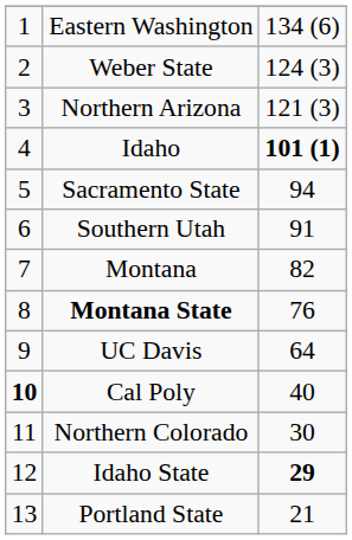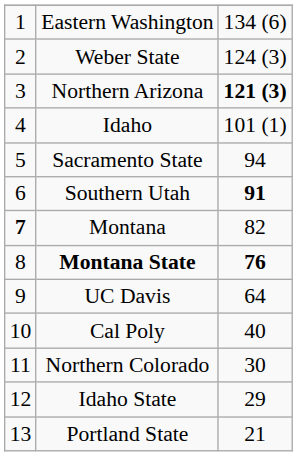 <table class="wikitable" style="display: inline-table;">
 <tr align="center">
 </tr>
 <tr align="center">
 <td>1</td>
 <td>Eastern Washington</td>
 <td>134 (6)</td>
 </tr>
 <tr align="center">
 <td>2</td>
 <td>Weber State</td>
 <td>124 (3)</td>
 </tr>
 <tr align="center">
 <td>3</td>
 <td>Northern Arizona</td>
-<td>121 (3)</td>
+<td><strong>121 (3)</strong></td>
 </tr>
 <tr align="center">
 <td>4</td>
 <td>Idaho</td>
-<td><strong>101 (1)</strong></td>
+<td>101 (1)</td>
 </tr>
 <tr align="center">
 <td>5</td>
 <td>Sacramento State</td>
 <td>94</td>
 </tr>
 <tr align="center">
 <td>6</td>
 <td>Southern Utah</td>
-<td>91</td>
+<td><strong>91</strong></td>
 </tr>
 <tr align="center">
-<td>7</td>
+<td><strong>7</strong></td>
 <td>Montana</td>
 <td>82</td>
 </tr>
 <tr align="center">
 <td>8</td>
 <td><strong>Montana State</strong></td>
-<td>76</td>
+<td><strong>76</strong></td>
 </tr>
 <tr align="center">
 <td>9</td>
 <td>UC Davis</td>
 <td>64</td>
 </tr>
 <tr align="center">
-<td><strong>10</strong></td>
+<td>10</td>
 <td>Cal Poly</td>
 <td>40</td>
 </tr>
 <tr align="center">
 <td>11</td>
 <td>Northern Colorado</td>
 <td>30</td>
 </tr>
 <tr align="center">
 <td>12</td>
 <td>Idaho State</td>
-<td><strong>29</strong></td>
+<td>29</td>
 </tr>
 <tr align="center">
 <td>13</td>
 <td>Portland State</td>
 <td>21</td>
 </tr>
 </table>
